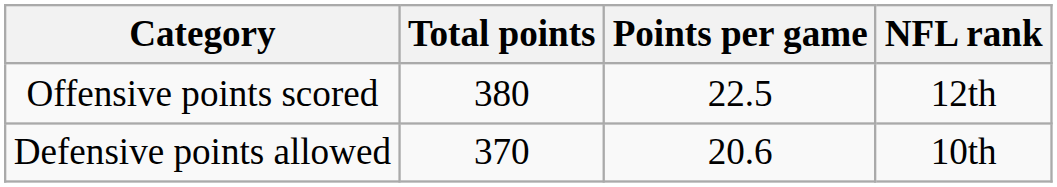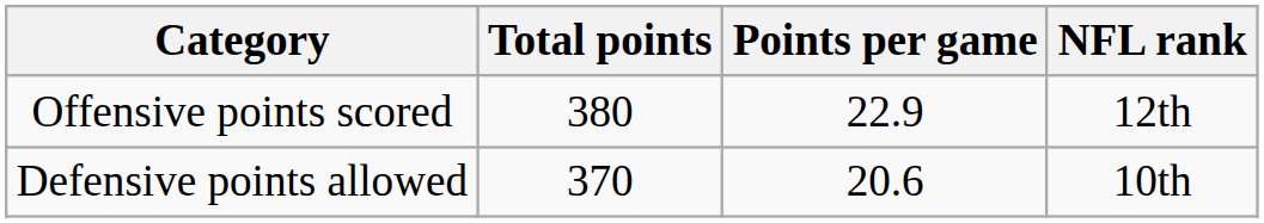 <table class="wikitable" style="text-align:center">
 <tr>
 <th>Category</th>
 <th>Total points</th>
 <th>Points per game</th>
 <th>NFL rank<br></th>
 </tr>
 <tr>
 <td>Offensive points scored</td>
 <td>380</td>
-<td>22.5</td>
+<td>22.9</td>
 <td>12th</td>
 </tr>
 <tr>
 <td>Defensive points allowed</td>
 <td>370</td>
 <td>20.6</td>
 <td>10th</td>
 </tr>
 </table>
